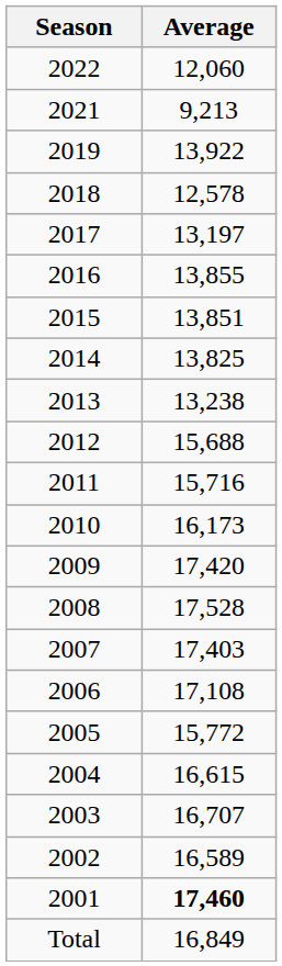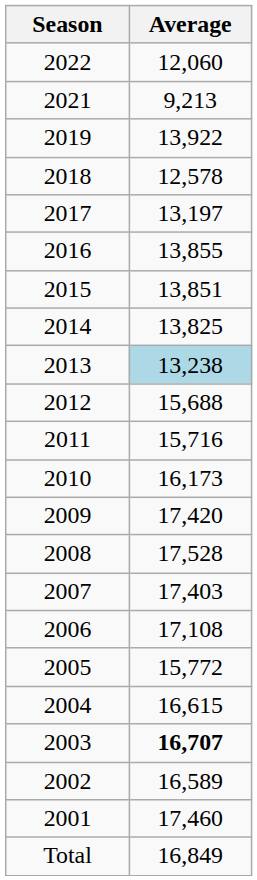 <table class="wikitable" style="text-align:center;margin-left:1em;float:right">
 <tr>
 <th style="width:75px;">Season</th>
 <th style="width:75px;">Average</th>
 </tr>
 <tr>
 <td>2022</td>
 <td>12,060</td>
 </tr>
 <tr>
 <td>2021</td>
 <td>9,213</td>
 </tr>
 <tr>
 <td>2019</td>
 <td>13,922</td>
 </tr>
 <tr>
 <td>2018</td>
 <td>12,578</td>
 </tr>
 <tr>
 <td>2017</td>
 <td>13,197</td>
 </tr>
 <tr>
 <td>2016</td>
 <td>13,855</td>
 </tr>
 <tr>
 <td>2015</td>
 <td>13,851</td>
 </tr>
 <tr>
 <td style="text-align:center;">2014</td>
 <td>13,825</td>
 </tr>
 <tr>
 <td style="text-align:center;">2013</td>
-<td>13,238</td>
+<td style="background: lightblue;">13,238</td>
 </tr>
 <tr>
 <td style="text-align:center;">2012</td>
 <td>15,688</td>
 </tr>
 <tr>
 <td style="text-align:center;">2011</td>
 <td>15,716</td>
 </tr>
 <tr>
 <td style="text-align:center;">2010</td>
 <td>16,173</td>
 </tr>
 <tr>
 <td style="text-align:center;">2009</td>
 <td>17,420</td>
 </tr>
 <tr>
 <td style="text-align:center;">2008</td>
 <td>17,528</td>
 </tr>
 <tr>
 <td style="text-align:center;">2007</td>
 <td>17,403</td>
 </tr>
 <tr>
 <td style="text-align:center;">2006</td>
 <td>17,108</td>
 </tr>
 <tr>
 <td style="text-align:center;">2005</td>
 <td>15,772</td>
 </tr>
 <tr>
 <td style="text-align:center;">2004</td>
 <td>16,615</td>
 </tr>
 <tr>
 <td style="text-align:center;">2003</td>
-<td>16,707</td>
+<td><strong>16,707</strong></td>
 </tr>
 <tr>
 <td style="text-align:center;">2002</td>
 <td>16,589</td>
 </tr>
 <tr>
 <td style="text-align:center;">2001</td>
-<td><strong>17,460</strong></td>
+<td>17,460</td>
 </tr>
 <tr>
 <td style="text-align:center;">Total</td>
 <td>16,849</td>
 </tr>
 </table>
